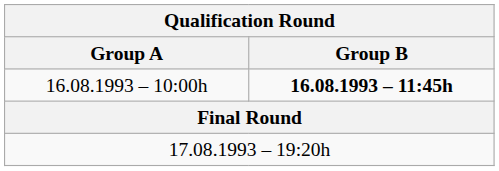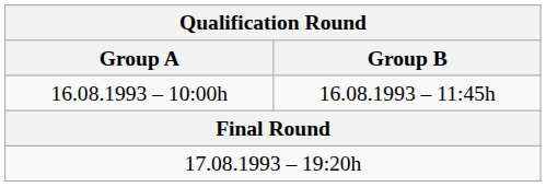 <table class="wikitable" style=" text-align:center; font-size:110%;" width="35%">
 <tr>
 <th colspan="2">Qualification Round</th>
 </tr>
 <tr>
 <th>Group A</th>
 <th>Group B</th>
 </tr>
 <tr>
 <td>16.08.1993 – 10:00h</td>
-<td><strong>16.08.1993 – 11:45h</strong></td>
+<td>16.08.1993 – 11:45h</td>
 </tr>
 <tr>
 <th colspan="2">Final Round</th>
 </tr>
 <tr>
 <td colspan="2">17.08.1993 – 19:20h</td>
 </tr>
 </table>
